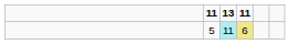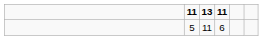 <table class="wikitable">
 <tr>
 <td style="width:18em"><strong></strong></td>
 <td align=center style="width:1em"><strong>11</strong></td>
 <td align=center style="width:1em"><strong>13</strong></td>
 <td align=center style="width:1em"><strong>11</strong></td>
 <td align=center style="width:1em"></td>
 <td align=center style="width:1em"></td>
 </tr>
 <tr>
 <td style="width:18em"></td>
 <td align=center style="width:1em">5</td>
-<td align=center style="background: paleturquoise; width:1em">11</td>
-<td align=center style="background: khaki; width:1em">6</td>
+<td align=center style="width:1em">11</td>
+<td align=center style="width:1em">6</td>
 <td align=center style="width:1em"></td>
 <td align=center style="width:1em"></td>
 </tr>
 </table>
